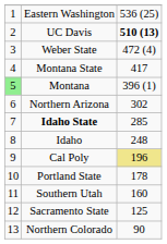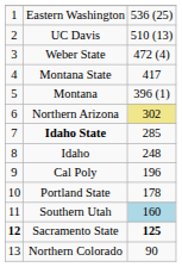 <table class="wikitable" style="display: inline-table;">
 <tr align="center">
 </tr>
 <tr align="center">
 <td>1</td>
 <td>Eastern Washington</td>
 <td>536 (25)</td>
 </tr>
 <tr align="center">
 <td>2</td>
 <td>UC Davis</td>
-<td><strong>510 (13)</strong></td>
+<td>510 (13)</td>
 </tr>
 <tr align="center">
 <td>3</td>
 <td>Weber State</td>
 <td>472 (4)</td>
 </tr>
 <tr align="center">
 <td>4</td>
 <td>Montana State</td>
 <td>417</td>
 </tr>
 <tr align="center">
-<td style="background: lightgreen;">5</td>
+<td>5</td>
 <td>Montana</td>
 <td>396 (1)</td>
 </tr>
 <tr align="center">
 <td>6</td>
 <td>Northern Arizona</td>
-<td>302</td>
+<td style="background: khaki;">302</td>
 </tr>
 <tr align="center">
 <td>7</td>
 <td><strong>Idaho State</strong></td>
 <td>285</td>
 </tr>
 <tr align="center">
 <td>8</td>
 <td>Idaho</td>
 <td>248</td>
 </tr>
 <tr align="center">
 <td>9</td>
 <td>Cal Poly</td>
-<td style="background: khaki;">196</td>
+<td>196</td>
 </tr>
 <tr align="center">
 <td>10</td>
 <td>Portland State</td>
 <td>178</td>
 </tr>
 <tr align="center">
 <td>11</td>
 <td>Southern Utah</td>
-<td>160</td>
+<td style="background: lightblue;">160</td>
 </tr>
 <tr align="center">
-<td>12</td>
+<td><strong>12</strong></td>
 <td>Sacramento State</td>
-<td>125</td>
+<td><strong>125</strong></td>
 </tr>
 <tr align="center">
 <td>13</td>
 <td>Northern Colorado</td>
 <td>90</td>
 </tr>
 </table>
